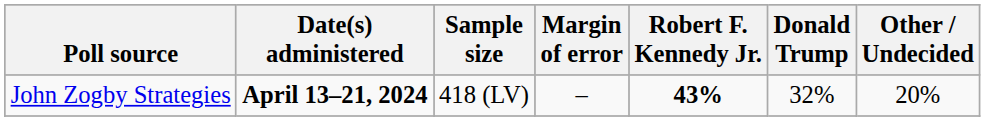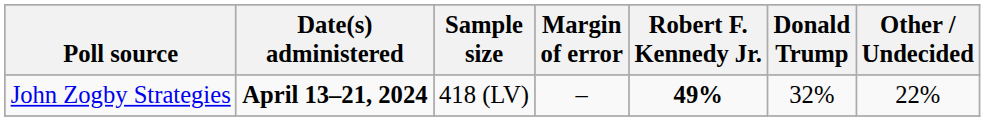 <table class="wikitable sortable mw-datatable" style="font-size:90%;text-align:center;line-height:17px">
 <tr valign=bottom>
 <th>Poll source</th>
 <th>Date(s)<br>administered</th>
 <th>Sample<br>size</th>
 <th>Margin<br>of error</th>
 <th class="unsortable">Robert F.<br>Kennedy Jr.<br></th>
 <th class="unsortable">Donald<br>Trump<br></th>
 <th class="unsortable">Other /<br>Undecided</th>
 </tr>
 <tr>
 <td style="text-align:left;"><a href='#'>John Zogby Strategies</a></td>
 <td data-sort-value="2024-05-01"><strong>April 13–21, 2024</strong></td>
 <td>418 (LV)</td>
 <td>–</td>
-<td style="background-color:"><strong>43%</strong></td>
+<td style="background-color:"><strong>49%</strong></td>
 <td>32%</td>
-<td>20%</td>
+<td>22%</td>
 </tr>
 </table>
